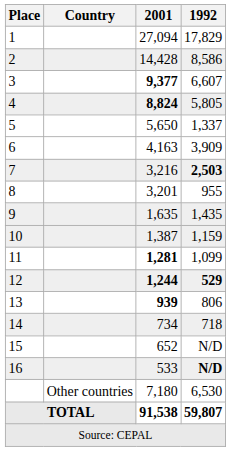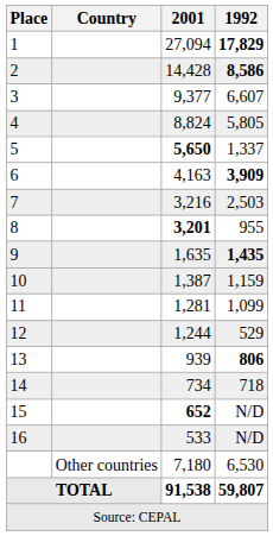 <table class="wikitable" style="margin:1em auto;">
 <tr>
 <th>Place</th>
 <th>Country</th>
 <th>2001</th>
 <th>1992</th>
 </tr>
 <tr bgcolor="ffffff">
 <td>1</td>
 <td></td>
 <td align=right>27,094</td>
-<td align=right>17,829</td>
+<td align=right><strong>17,829</strong></td>
 </tr>
 <tr bgcolor="efefef">
 <td>2</td>
 <td></td>
 <td align=right>14,428</td>
-<td align=right>8,586</td>
+<td align=right><strong>8,586</strong></td>
 </tr>
 <tr bgcolor="ffffff">
 <td>3</td>
 <td></td>
-<td align=right><strong>9,377</strong></td>
+<td align=right>9,377</td>
 <td align=right>6,607</td>
 </tr>
 <tr bgcolor="efefef">
 <td>4</td>
 <td></td>
-<td align=right><strong>8,824</strong></td>
+<td align=right>8,824</td>
 <td align=right>5,805</td>
 </tr>
 <tr bgcolor="ffffff">
 <td>5</td>
 <td></td>
-<td align=right>5,650</td>
+<td align=right><strong>5,650</strong></td>
 <td align=right>1,337</td>
 </tr>
 <tr bgcolor="ffffff">
 <td>6</td>
 <td></td>
 <td align=right>4,163</td>
-<td align=right>3,909</td>
+<td align=right><strong>3,909</strong></td>
 </tr>
 <tr bgcolor="efefef">
 <td>7</td>
 <td></td>
 <td align=right>3,216</td>
-<td align=right><strong>2,503</strong></td>
+<td align=right>2,503</td>
 </tr>
 <tr bgcolor="ffffff">
 <td>8</td>
 <td></td>
-<td align=right>3,201</td>
+<td align=right><strong>3,201</strong></td>
 <td align=right>955</td>
 </tr>
 <tr bgcolor="efefef">
 <td>9</td>
 <td></td>
 <td align=right>1,635</td>
-<td align=right>1,435</td>
+<td align=right><strong>1,435</strong></td>
 </tr>
 <tr bgcolor="efefef">
 <td>10</td>
 <td></td>
 <td align=right>1,387</td>
 <td align=right>1,159</td>
 </tr>
 <tr bgcolor="ffffff">
 <td>11</td>
 <td></td>
-<td align=right><strong>1,281</strong></td>
+<td align=right>1,281</td>
 <td align=right>1,099</td>
 </tr>
 <tr bgcolor="efefef">
 <td>12</td>
 <td></td>
-<td align=right><strong>1,244</strong></td>
-<td align=right><strong>529</strong></td>
+<td align=right>1,244</td>
+<td align=right>529</td>
 </tr>
 <tr bgcolor="ffffff">
 <td>13</td>
 <td></td>
-<td align=right><strong>939</strong></td>
-<td align=right>806</td>
+<td align=right>939</td>
+<td align=right><strong>806</strong></td>
 </tr>
 <tr bgcolor="efefef">
 <td>14</td>
 <td></td>
 <td align=right>734</td>
 <td align=right>718</td>
 </tr>
 <tr bgcolor="ffffff">
 <td>15</td>
 <td></td>
-<td align=right>652</td>
+<td align=right><strong>652</strong></td>
 <td align=right>N/D</td>
 </tr>
 <tr bgcolor="efefef">
 <td>16</td>
 <td></td>
 <td align=right>533</td>
-<td align=right><strong>N/D</strong></td>
+<td align=right>N/D</td>
 </tr>
 <tr bgcolor="ffffff">
 <td></td>
 <td>Other countries</td>
 <td align=right>7,180</td>
 <td align=right>6,530</td>
 </tr>
 <tr bgcolor="ffffff">
 <td colspan=2 style="background:#e9e9e9;" align=center><strong>TOTAL</strong></td>
 <td align=right><strong>91,538</strong></td>
 <td align=right><strong>59,807</strong></td>
 </tr>
 <tr bgcolor="efefef">
 <td colspan=5 style="background:#e9e9e9;" align=center><small>Source: CEPAL</small></td>
 </tr>
 </table>
